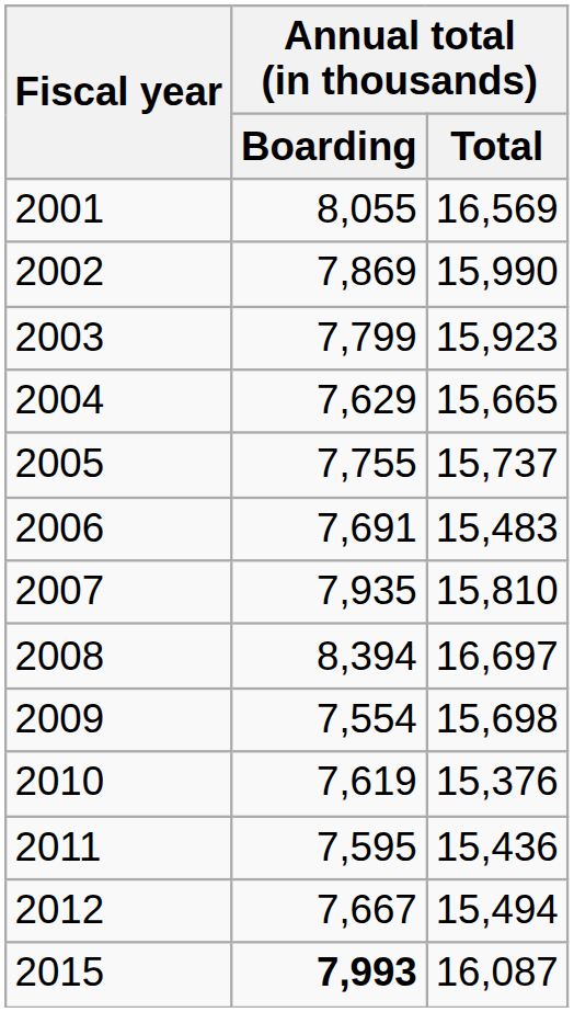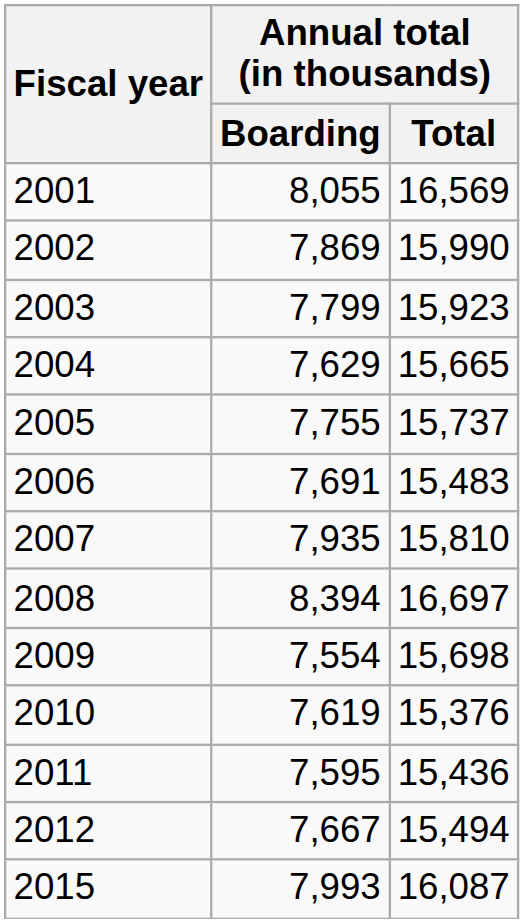 <table class="wikitable">
 <tr>
 <th rowspan="2">Fiscal year</th>
 <th colspan="2">Annual total<br>(in thousands)</th>
 </tr>
 <tr>
 <th>Boarding</th>
 <th>Total</th>
 </tr>
 <tr>
 <td>2001</td>
 <td align="right">8,055</td>
 <td align="right">16,569</td>
 </tr>
 <tr>
 <td>2002</td>
 <td align="right">7,869</td>
 <td align="right">15,990</td>
 </tr>
 <tr>
 <td>2003</td>
 <td align="right">7,799</td>
 <td align="right">15,923</td>
 </tr>
 <tr>
 <td>2004</td>
 <td align="right">7,629</td>
 <td align="right">15,665</td>
 </tr>
 <tr>
 <td>2005</td>
 <td align="right">7,755</td>
 <td align="right">15,737</td>
 </tr>
 <tr>
 <td>2006</td>
 <td align="right">7,691</td>
 <td align="right">15,483</td>
 </tr>
 <tr>
 <td>2007</td>
 <td align="right">7,935</td>
 <td align="right">15,810</td>
 </tr>
 <tr>
 <td>2008</td>
 <td align="right">8,394</td>
 <td align="right">16,697</td>
 </tr>
 <tr>
 <td>2009</td>
 <td align="right">7,554</td>
 <td align="right">15,698</td>
 </tr>
 <tr>
 <td>2010</td>
 <td align="right">7,619</td>
 <td align="right">15,376</td>
 </tr>
 <tr>
 <td>2011</td>
 <td align="right">7,595</td>
 <td align="right">15,436</td>
 </tr>
 <tr>
 <td>2012</td>
 <td align="right">7,667</td>
 <td align="right">15,494</td>
 </tr>
 <tr>
 <td>2015</td>
-<td align="right"><strong>7,993</strong></td>
+<td align="right">7,993</td>
 <td align="right">16,087</td>
 </tr>
 </table>
